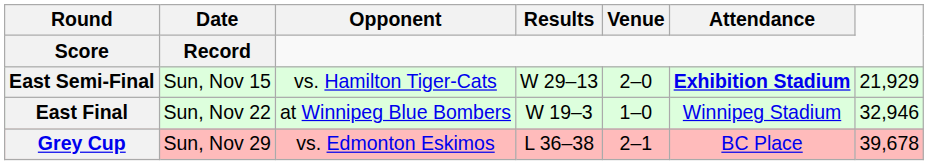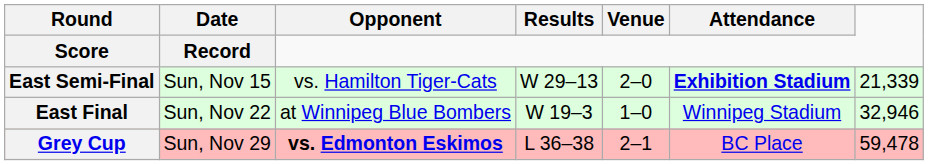 <table class="wikitable" style="text-align:center">
 <tr>
 <th>Round</th>
 <th>Date</th>
 <th>Opponent</th>
 <th>Results</th>
 <th>Venue</th>
 <th>Attendance</th>
 </tr>
 <tr>
 <th>Score</th>
 <th>Record</th>
 </tr>
 <tr style="background:#ddffdd">
 <th>East Semi-Final</th>
 <td>Sun, Nov 15</td>
 <td>vs. <a href='#'>Hamilton Tiger-Cats</a></td>
 <td>W 29–13</td>
 <td>2–0</td>
 <td><strong><a href='#'>Exhibition Stadium</a></strong></td>
-<td>21,929</td>
+<td>21,339</td>
 </tr>
 <tr style="background:#ddffdd">
 <th>East Final</th>
 <td>Sun, Nov 22</td>
 <td>at <a href='#'>Winnipeg Blue Bombers</a></td>
 <td>W 19–3</td>
 <td>1–0</td>
 <td><a href='#'>Winnipeg Stadium</a></td>
 <td>32,946</td>
 </tr>
 <tr style="background:#ffbbbb">
 <th><a href='#'>Grey Cup</a></th>
 <td>Sun, Nov 29</td>
-<td>vs. <a href='#'>Edmonton Eskimos</a></td>
+<td><strong>vs. <a href='#'>Edmonton Eskimos</a></strong></td>
 <td>L 36–38</td>
 <td>2–1</td>
 <td><a href='#'>BC Place</a></td>
-<td>39,678</td>
+<td>59,478</td>
 </tr>
 </table>
